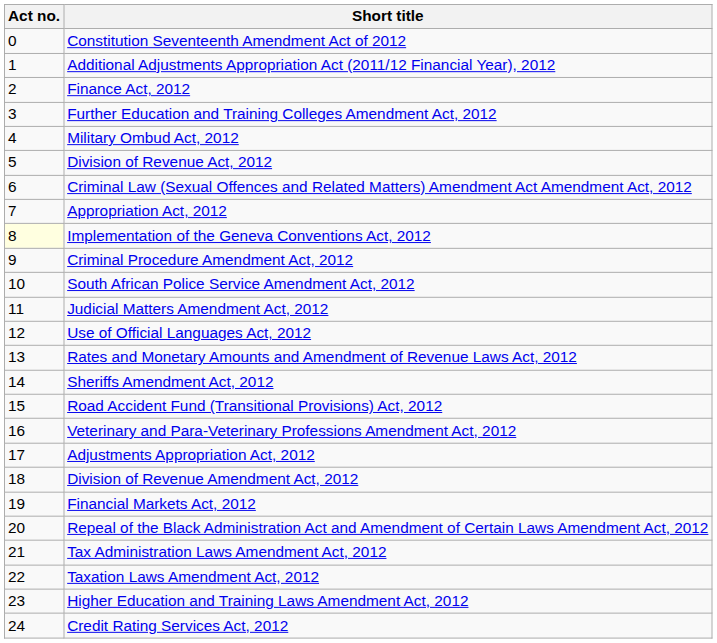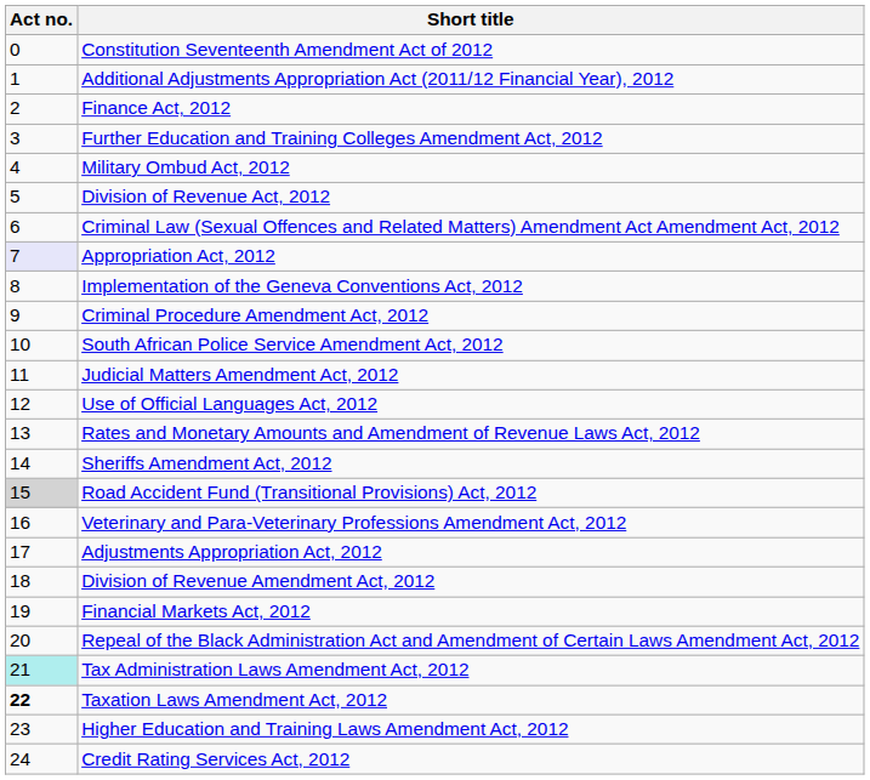 <table class="wikitable sortable">
 <tr>
 <th>Act no.</th>
 <th>Short title</th>
 </tr>
 <tr>
 <td><span>0</span></td>
 <td><a href='#'>Constitution Seventeenth Amendment Act of 2012</a></td>
 </tr>
 <tr>
 <td>1</td>
 <td><a href='#'>Additional Adjustments Appropriation Act (2011/12 Financial Year), 2012</a></td>
 </tr>
 <tr>
 <td>2</td>
 <td><a href='#'>Finance Act, 2012</a></td>
 </tr>
 <tr>
 <td>3</td>
 <td><a href='#'>Further Education and Training Colleges Amendment Act, 2012</a></td>
 </tr>
 <tr>
 <td>4</td>
 <td><a href='#'>Military Ombud Act, 2012</a></td>
 </tr>
 <tr>
 <td>5</td>
 <td><a href='#'>Division of Revenue Act, 2012</a></td>
 </tr>
 <tr>
 <td>6</td>
 <td><a href='#'>Criminal Law (Sexual Offences and Related Matters) Amendment Act Amendment Act, 2012</a></td>
 </tr>
 <tr>
-<td>7</td>
+<td style="background: lavender;">7</td>
 <td><a href='#'>Appropriation Act, 2012</a></td>
 </tr>
 <tr>
-<td style="background: lightyellow;">8</td>
+<td>8</td>
 <td><a href='#'>Implementation of the Geneva Conventions Act, 2012</a></td>
 </tr>
 <tr>
 <td>9</td>
 <td><a href='#'>Criminal Procedure Amendment Act, 2012</a></td>
 </tr>
 <tr>
 <td>10</td>
 <td><a href='#'>South African Police Service Amendment Act, 2012</a></td>
 </tr>
 <tr>
 <td>11</td>
 <td><a href='#'>Judicial Matters Amendment Act, 2012</a></td>
 </tr>
 <tr>
 <td>12</td>
 <td><a href='#'>Use of Official Languages Act, 2012</a></td>
 </tr>
 <tr>
 <td>13</td>
 <td><a href='#'>Rates and Monetary Amounts and Amendment of Revenue Laws Act, 2012</a></td>
 </tr>
 <tr>
 <td>14</td>
 <td><a href='#'>Sheriffs Amendment Act, 2012</a></td>
 </tr>
 <tr>
-<td>15</td>
+<td style="background: lightgrey;">15</td>
 <td><a href='#'>Road Accident Fund (Transitional Provisions) Act, 2012</a></td>
 </tr>
 <tr>
 <td>16</td>
 <td><a href='#'>Veterinary and Para-Veterinary Professions Amendment Act, 2012</a></td>
 </tr>
 <tr>
 <td>17</td>
 <td><a href='#'>Adjustments Appropriation Act, 2012</a></td>
 </tr>
 <tr>
 <td>18</td>
 <td><a href='#'>Division of Revenue Amendment Act, 2012</a></td>
 </tr>
 <tr>
 <td>19</td>
 <td><a href='#'>Financial Markets Act, 2012</a></td>
 </tr>
 <tr>
 <td>20</td>
 <td><a href='#'>Repeal of the Black Administration Act and Amendment of Certain Laws Amendment Act, 2012</a> </td>
 </tr>
 <tr>
-<td>21</td>
+<td style="background: paleturquoise;">21</td>
 <td><a href='#'>Tax Administration Laws Amendment Act, 2012</a></td>
 </tr>
 <tr>
-<td>22</td>
+<td><strong>22</strong></td>
 <td><a href='#'>Taxation Laws Amendment Act, 2012</a></td>
 </tr>
 <tr>
 <td>23</td>
 <td><a href='#'>Higher Education and Training Laws Amendment Act, 2012</a> </td>
 </tr>
 <tr>
 <td>24</td>
 <td><a href='#'>Credit Rating Services Act, 2012</a></td>
 </tr>
 </table>
